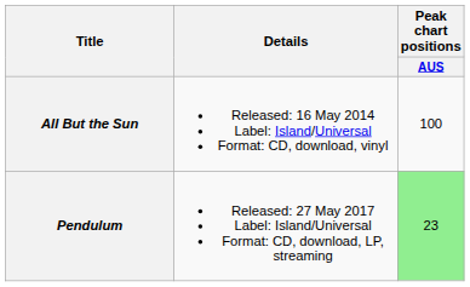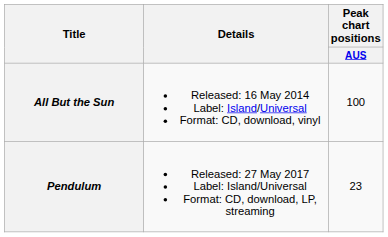 <table class="wikitable plainrowheaders" style="text-align:center;">
 <tr>
 <th scope="col" rowspan="2" style="width:12em;">Title</th>
 <th scope="col" rowspan="2" style="width:16em;">Details</th>
 <th scope="col" colspan="1">Peak chart positions</th>
 </tr>
 <tr>
 <th scope="col" style="width:3em;font-size:90%;"><a href='#'>AUS</a><br></th>
 </tr>
 <tr>
 <th scope="row"><em>All But the Sun</em></th>
 <td><br><ul><li>Released: 16 May 2014</li><li>Label: <a href='#'>Island</a>/<a href='#'>Universal</a> </li><li>Format: CD, download, vinyl</li></ul></td>
 <td>100</td>
 </tr>
 <tr>
 <th scope="row"><em>Pendulum</em></th>
 <td><br><ul><li>Released: 27 May 2017</li><li>Label: Island/Universal </li><li>Format: CD, download, LP, streaming</li></ul></td>
-<td style="background: lightgreen;">23</td>
+<td>23</td>
 </tr>
 </table>
